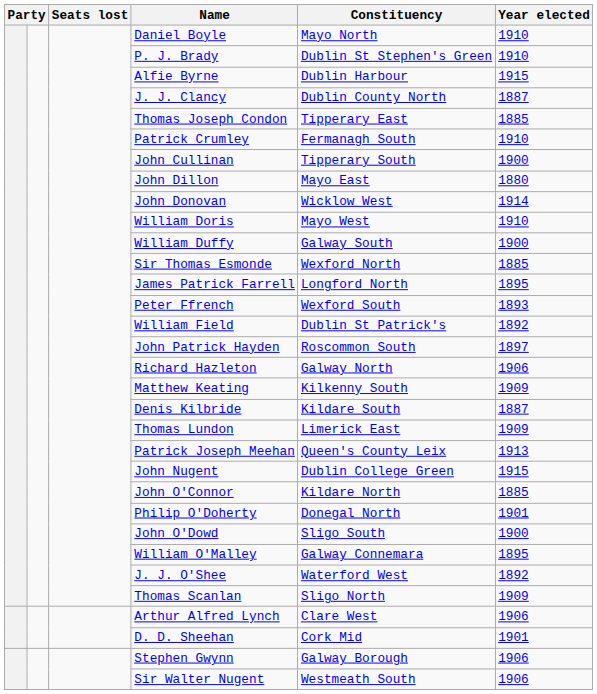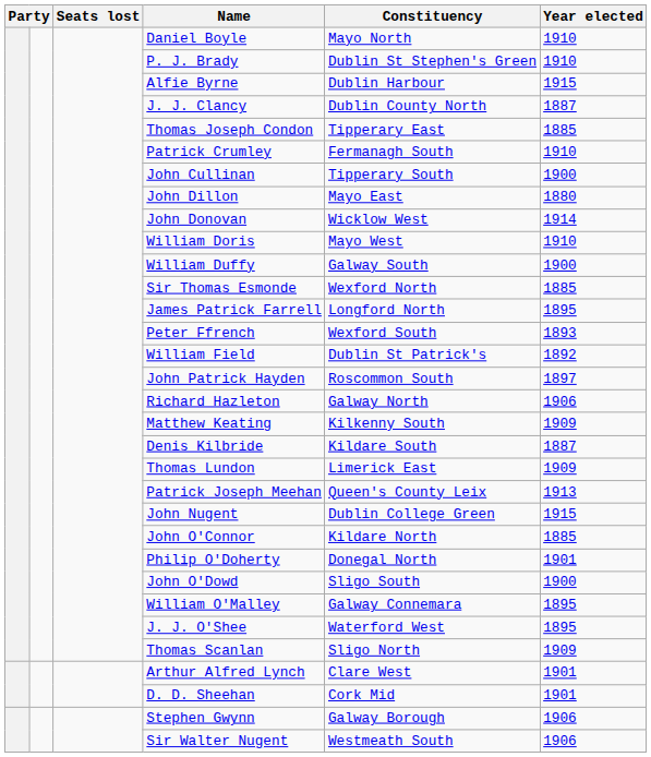 <table class="wikitable sortable collapsible" style="font-size: 100%;">
 <tr>
 <th colspan=2>Party</th>
 <th>Seats lost</th>
 <th>Name</th>
 <th>Constituency</th>
 <th>Year elected</th>
 </tr>
 <tr>
 <th rowspan="28" style="background-color: "></th>
 <td rowspan="28"></td>
 <td rowspan="28"></td>
 <td data-sort-value="Boyle, Daniel"><a href='#'>Daniel Boyle</a></td>
 <td><a href='#'>Mayo North</a></td>
 <td><a href='#'>1910</a></td>
 </tr>
 <tr>
 <td data-sort-value="Brady, P. J."><a href='#'>P. J. Brady</a></td>
 <td><a href='#'>Dublin St Stephen's Green</a></td>
 <td><a href='#'>1910</a></td>
 </tr>
 <tr>
 <td data-sort-value="Byrne, Alfie"><a href='#'>Alfie Byrne</a></td>
 <td><a href='#'>Dublin Harbour</a></td>
 <td><a href='#'>1915</a></td>
 </tr>
 <tr>
 <td data-sort-value="Clancy, J. J."><a href='#'>J. J. Clancy</a></td>
 <td><a href='#'>Dublin County North</a></td>
 <td><a href='#'>1887</a></td>
 </tr>
 <tr>
 <td data-sort-value="Condon, Thomas Joseph"><a href='#'>Thomas Joseph Condon</a></td>
 <td><a href='#'>Tipperary East</a></td>
 <td><a href='#'>1885</a></td>
 </tr>
 <tr>
 <td data-sort-value="Crumley, Patrick"><a href='#'>Patrick Crumley</a></td>
 <td><a href='#'>Fermanagh South</a></td>
 <td><a href='#'>1910</a></td>
 </tr>
 <tr>
 <td data-sort-value="Cullinan, John"><a href='#'>John Cullinan</a></td>
 <td><a href='#'>Tipperary South</a></td>
 <td><a href='#'>1900</a></td>
 </tr>
 <tr>
 <td data-sort-value="Dillon, John"><a href='#'>John Dillon</a></td>
 <td><a href='#'>Mayo East</a></td>
 <td><a href='#'>1880</a></td>
 </tr>
 <tr>
 <td data-sort-value="Donovan, John"><a href='#'>John Donovan</a></td>
 <td><a href='#'>Wicklow West</a></td>
 <td><a href='#'>1914</a></td>
 </tr>
 <tr>
 <td data-sort-value="Doris, William"><a href='#'>William Doris</a></td>
 <td><a href='#'>Mayo West</a></td>
 <td><a href='#'>1910</a></td>
 </tr>
 <tr>
 <td data-sort-value="Duffy, William"><a href='#'>William Duffy</a></td>
 <td><a href='#'>Galway South</a></td>
 <td><a href='#'>1900</a></td>
 </tr>
 <tr>
 <td data-sort-value="Esmonde, Sir Thomas"><a href='#'>Sir Thomas Esmonde</a></td>
 <td><a href='#'>Wexford North</a></td>
 <td><a href='#'>1885</a></td>
 </tr>
 <tr>
 <td data-sort-value="Farrell, James Patrick"><a href='#'>James Patrick Farrell</a></td>
 <td><a href='#'>Longford North</a></td>
 <td><a href='#'>1895</a></td>
 </tr>
 <tr>
 <td data-sort-value="Ffrench, Peter"><a href='#'>Peter Ffrench</a></td>
 <td><a href='#'>Wexford South</a></td>
 <td><a href='#'>1893</a></td>
 </tr>
 <tr>
 <td data-sort-value="Field, William"><a href='#'>William Field</a></td>
 <td><a href='#'>Dublin St Patrick's</a></td>
 <td><a href='#'>1892</a></td>
 </tr>
 <tr>
 <td data-sort-value="Hayden, John Patrick"><a href='#'>John Patrick Hayden</a></td>
 <td><a href='#'>Roscommon South</a></td>
 <td><a href='#'>1897</a></td>
 </tr>
 <tr>
 <td data-sort-value="Hazleton, Richard"><a href='#'>Richard Hazleton</a></td>
 <td><a href='#'>Galway North</a></td>
 <td><a href='#'>1906</a></td>
 </tr>
 <tr>
 <td data-sort-value="Keating, Matthew"><a href='#'>Matthew Keating</a></td>
 <td><a href='#'>Kilkenny South</a></td>
 <td><a href='#'>1909</a></td>
 </tr>
 <tr>
 <td data-sort-value="Kilbride, Denis"><a href='#'>Denis Kilbride</a></td>
 <td><a href='#'>Kildare South</a></td>
 <td><a href='#'>1887</a></td>
 </tr>
 <tr>
 <td data-sort-value="Lundon, Thomas"><a href='#'>Thomas Lundon</a></td>
 <td><a href='#'>Limerick East</a></td>
 <td><a href='#'>1909</a></td>
 </tr>
 <tr>
 <td data-sort-value="Meehan, Patrick Joseph"><a href='#'>Patrick Joseph Meehan</a></td>
 <td><a href='#'>Queen's County Leix</a></td>
 <td><a href='#'>1913</a></td>
 </tr>
 <tr>
 <td data-sort-value="Nugent, John"><a href='#'>John Nugent</a></td>
 <td><a href='#'>Dublin College Green</a></td>
 <td><a href='#'>1915</a></td>
 </tr>
 <tr>
 <td data-sort-value="O'Connor, John"><a href='#'>John O'Connor</a></td>
 <td><a href='#'>Kildare North</a></td>
 <td><a href='#'>1885</a></td>
 </tr>
 <tr>
 <td data-sort-value="O'Doherty, Philip"><a href='#'>Philip O'Doherty</a></td>
 <td><a href='#'>Donegal North</a></td>
 <td><a href='#'>1901</a></td>
 </tr>
 <tr>
 <td data-sort-value="O'Dowd, John"><a href='#'>John O'Dowd</a></td>
 <td><a href='#'>Sligo South</a></td>
 <td><a href='#'>1900</a></td>
 </tr>
 <tr>
 <td data-sort-value="O'Malley, William"><a href='#'>William O'Malley</a></td>
 <td><a href='#'>Galway Connemara</a></td>
 <td><a href='#'>1895</a></td>
 </tr>
 <tr>
 <td data-sort-value="O'Shee, J. J."><a href='#'>J. J. O'Shee</a></td>
 <td><a href='#'>Waterford West</a></td>
-<td><a href='#'>1892</a></td>
+<td><a href='#'>1895</a></td>
 </tr>
 <tr>
 <td data-sort-value="Scanlan, Thomas"><a href='#'>Thomas Scanlan</a></td>
 <td><a href='#'>Sligo North</a></td>
 <td><a href='#'>1909</a></td>
 </tr>
 <tr>
 <th rowspan="2" style="background-color: "></th>
 <td rowspan="2"></td>
 <td rowspan="2"></td>
 <td data-sort-value="Lynch, Arthur Alfred"><a href='#'>Arthur Alfred Lynch</a></td>
 <td><a href='#'>Clare West</a></td>
-<td><a href='#'>1906</a></td>
+<td><a href='#'>1901</a></td>
 </tr>
 <tr>
 <td data-sort-value="Sheehan, D. D."><a href='#'>D. D. Sheehan</a></td>
 <td><a href='#'>Cork Mid</a></td>
 <td><a href='#'>1901</a></td>
 </tr>
 <tr>
 <th rowspan="2" style="background-color: "></th>
 <td rowspan="2"></td>
 <td rowspan="2"></td>
 <td data-sort-value="Gwynn, Stephen"><a href='#'>Stephen Gwynn</a></td>
 <td><a href='#'>Galway Borough</a></td>
 <td><a href='#'>1906</a></td>
 </tr>
 <tr>
 <td data-sort-value="Nugent, Sir Walter"><a href='#'>Sir Walter Nugent</a></td>
 <td><a href='#'>Westmeath South</a></td>
 <td><a href='#'>1906</a></td>
 </tr>
 </table>
